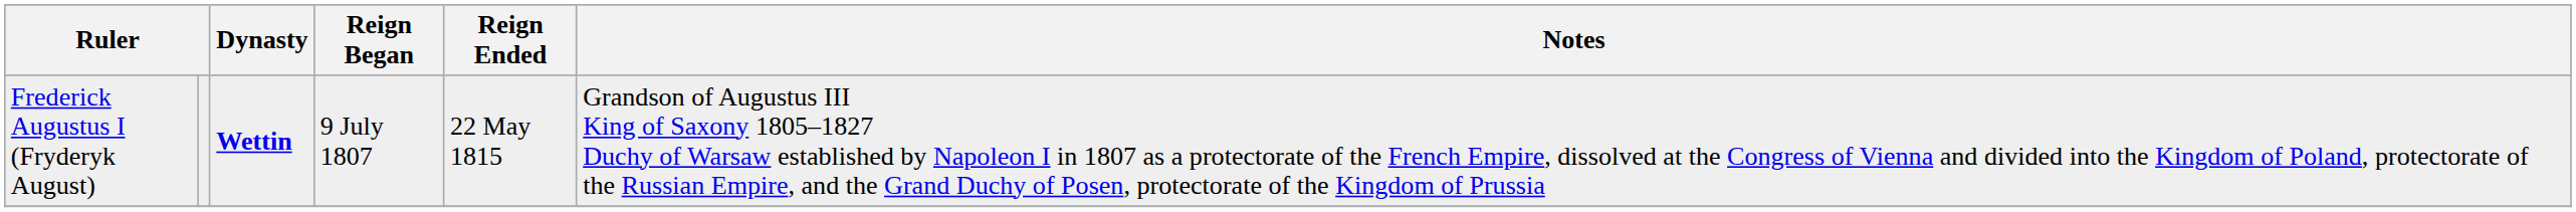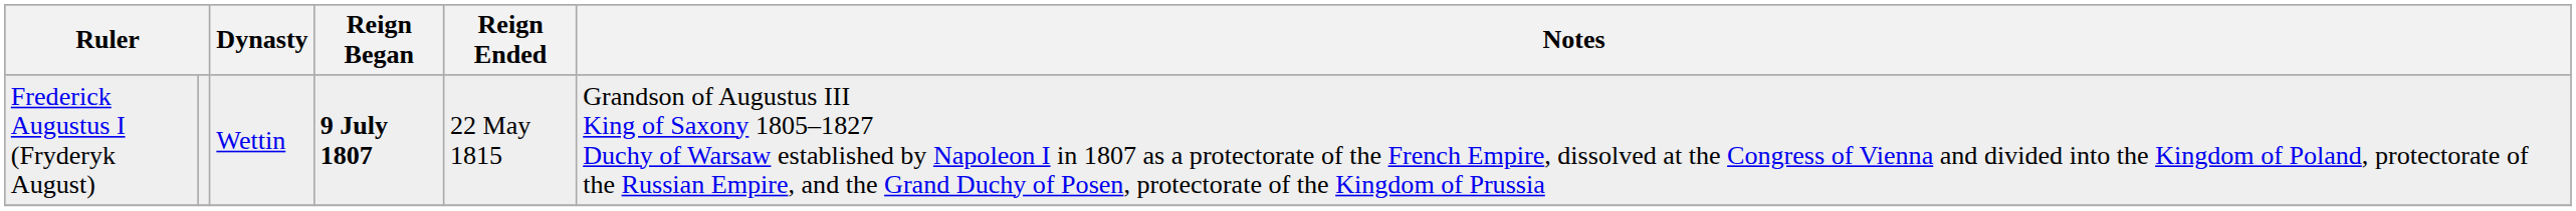 <table class="wikitable">
 <tr bgcolor=#cccccc>
 <th colspan=2>Ruler</th>
 <th>Dynasty</th>
 <th>Reign Began</th>
 <th>Reign Ended</th>
 <th>Notes</th>
 </tr>
 <tr bgcolor=#EFEFEF>
 <td><a href='#'>Frederick Augustus I</a><br>(Fryderyk August)</td>
 <td></td>
-<td><strong><a href='#'>Wettin</a></strong></td>
-<td>9 July 1807</td>
+<td><a href='#'>Wettin</a></td>
+<td><strong>9 July 1807</strong></td>
 <td>22 May 1815</td>
 <td>Grandson of Augustus III<br><a href='#'>King of Saxony</a> 1805–1827<br><a href='#'>Duchy of Warsaw</a> established by <a href='#'>Napoleon I</a> in 1807 as a protectorate of the <a href='#'>French Empire</a>, dissolved at the <a href='#'>Congress of Vienna</a> and divided into the <a href='#'>Kingdom of Poland</a>, protectorate of the <a href='#'>Russian Empire</a>, and the <a href='#'>Grand Duchy of Posen</a>, protectorate of the <a href='#'>Kingdom of Prussia</a></td>
 </tr>
 <tr>
 </tr>
 </table>
